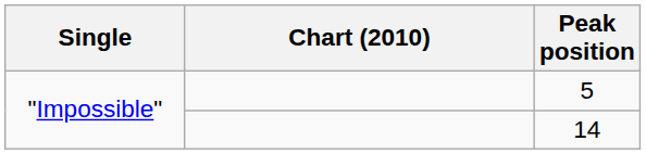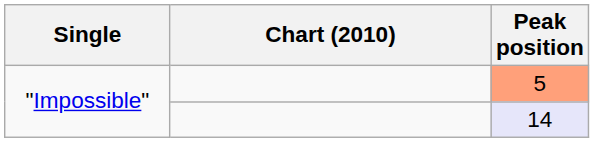 <table class="wikitable">
 <tr>
 <th style="width:110px;">Single</th>
 <th style="width:220px;">Chart (2010)</th>
 <th>Peak<br>position</th>
 </tr>
 <tr>
 <td style="text-align:center;" rowspan="2">"<a href='#'>Impossible</a>"</td>
 <td></td>
-<td style="text-align:center;">5</td>
+<td style="background: lightsalmon; text-align:center;">5</td>
 </tr>
 <tr>
 <td></td>
-<td style="text-align:center;">14</td>
+<td style="background: lavender; text-align:center;">14</td>
 </tr>
 </table>
